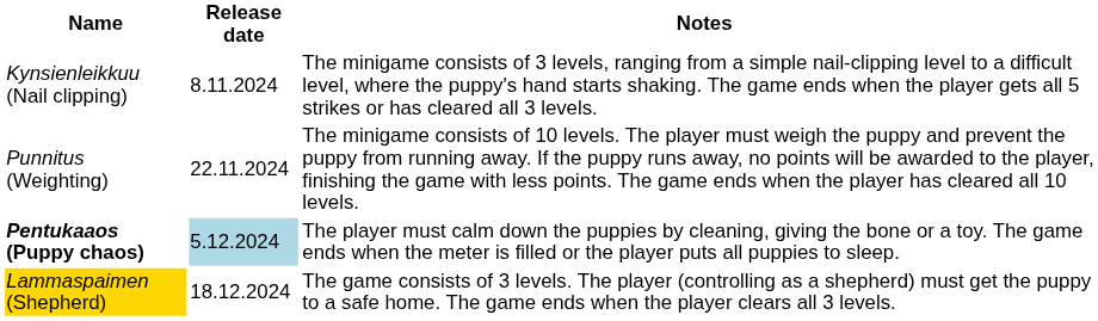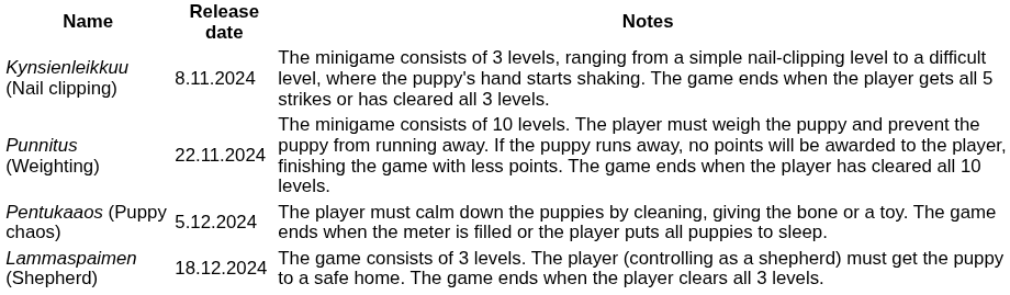 <table>
 <tr>
 <th>Name</th>
 <th>Release date</th>
 <th>Notes</th>
 </tr>
 <tr>
 <td><em>Kynsienleikkuu</em> (Nail clipping)</td>
 <td>8.11.2024</td>
 <td>The minigame consists of 3 levels, ranging from a simple nail-clipping level to a difficult level, where the puppy's hand starts shaking. The game ends when the player gets all 5 strikes or has cleared all 3 levels.</td>
 </tr>
 <tr>
 <td><em>Punnitus</em> (Weighting)</td>
 <td>22.11.2024</td>
 <td>The minigame consists of 10 levels. The player must weigh the puppy and prevent the puppy from running away. If the puppy runs away, no points will be awarded to the player, finishing the game with less points. The game ends when the player has cleared all 10 levels.</td>
 </tr>
 <tr>
-<td><strong><em>Pentukaaos</em> (Puppy chaos)</strong></td>
-<td style="background: lightblue;">5.12.2024</td>
+<td><em>Pentukaaos</em> (Puppy chaos)</td>
+<td>5.12.2024</td>
 <td>The player must calm down the puppies by cleaning, giving the bone or a toy. The game ends when the meter is filled or the player puts all puppies to sleep.</td>
 </tr>
 <tr>
-<td style="background: gold;"><em>Lammaspaimen</em> (Shepherd)</td>
+<td><em>Lammaspaimen</em> (Shepherd)</td>
 <td>18.12.2024</td>
 <td>The game consists of 3 levels. The player (controlling as a shepherd) must get the puppy to a safe home. The game ends when the player clears all 3 levels.</td>
 </tr>
 </table>
